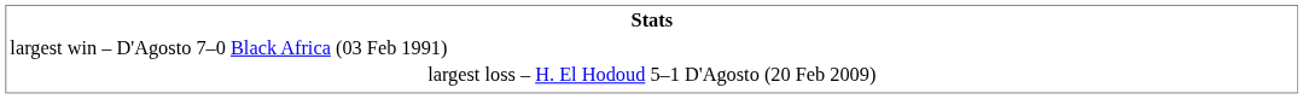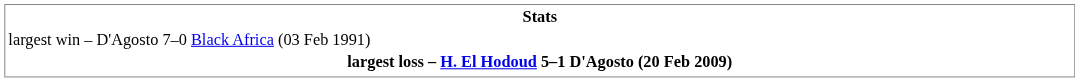 <table width=1050px style="float:right; clear:right; border:1px #888 solid; margin-left:1em;">
 <tr>
 <td align=center><strong>Stats</strong></td>
 </tr>
 <tr>
 <td> largest win – D'Agosto  7–0  <a href='#'>Black Africa</a> (03 Feb 1991)</td>
 </tr>
 <tr>
-<td align=center>largest loss – <a href='#'>H. El Hodoud</a>  5–1  D'Agosto (20 Feb 2009)</td>
+<td align=center><strong>largest loss – <a href='#'>H. El Hodoud</a>  5–1  D'Agosto (20 Feb 2009)</strong></td>
 </tr>
 <tr>
 </tr>
 </table>
